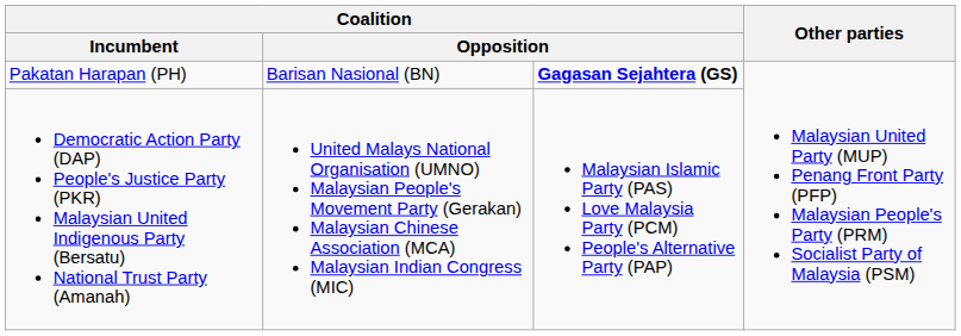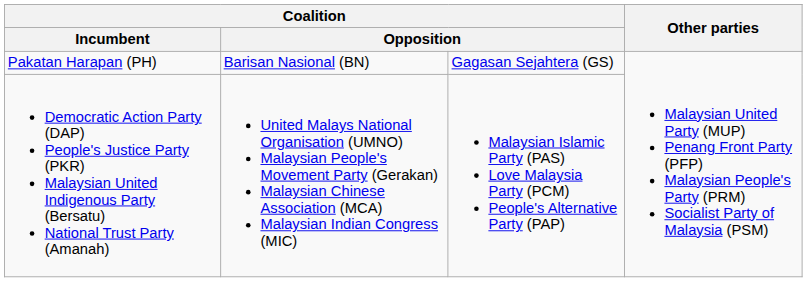 <table class="wikitable">
 <tr>
 <th colspan="3">Coalition</th>
 <th rowspan="2">Other parties</th>
 </tr>
 <tr>
 <th>Incumbent</th>
 <th colspan="2">Opposition</th>
 </tr>
 <tr>
 <td> <a href='#'>Pakatan Harapan</a> (PH)</td>
 <td><a href='#'>Barisan Nasional</a> (BN)</td>
-<td><strong><a href='#'>Gagasan Sejahtera</a> (GS)</strong></td>
+<td><a href='#'>Gagasan Sejahtera</a> (GS)</td>
 <td rowspan="2"><br><ul><li><a href='#'>Malaysian United Party</a> (MUP)</li><li> <a href='#'>Penang Front Party</a> (PFP)</li><li> <a href='#'>Malaysian People's Party</a> (PRM)</li><li> <a href='#'>Socialist Party of Malaysia</a> (PSM)</li></ul></td>
 </tr>
 <tr>
 <td><br><ul><li> <a href='#'>Democratic Action Party</a> (DAP)</li><li> <a href='#'>People's Justice Party</a> (PKR)</li><li> <a href='#'>Malaysian United Indigenous Party</a> (Bersatu)</li><li> <a href='#'>National Trust Party</a> (Amanah)</li></ul></td>
 <td><br><ul><li> <a href='#'>United Malays National Organisation</a> (UMNO)</li><li> <a href='#'>Malaysian People's Movement Party</a> (Gerakan)</li><li> <a href='#'>Malaysian Chinese Association</a> (MCA)</li><li> <a href='#'>Malaysian Indian Congress</a> (MIC)</li></ul></td>
 <td><br><ul><li> <a href='#'>Malaysian Islamic Party</a> (PAS)</li><li><a href='#'>Love Malaysia Party</a> (PCM)</li><li><a href='#'>People's Alternative Party</a> (PAP)</li></ul></td>
 </tr>
 </table>
